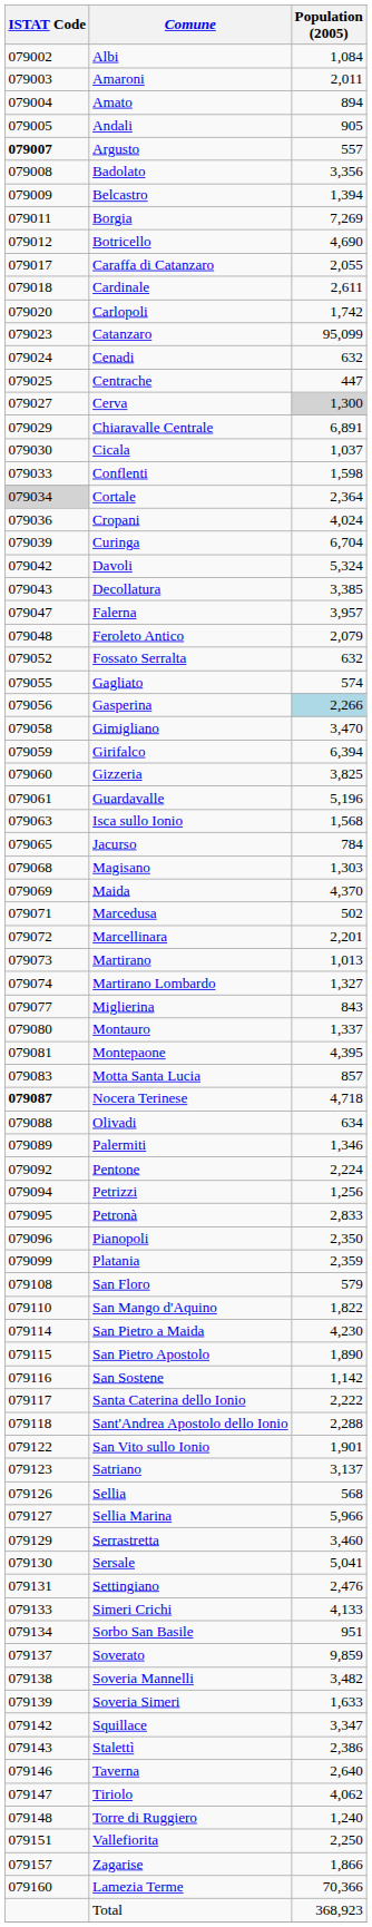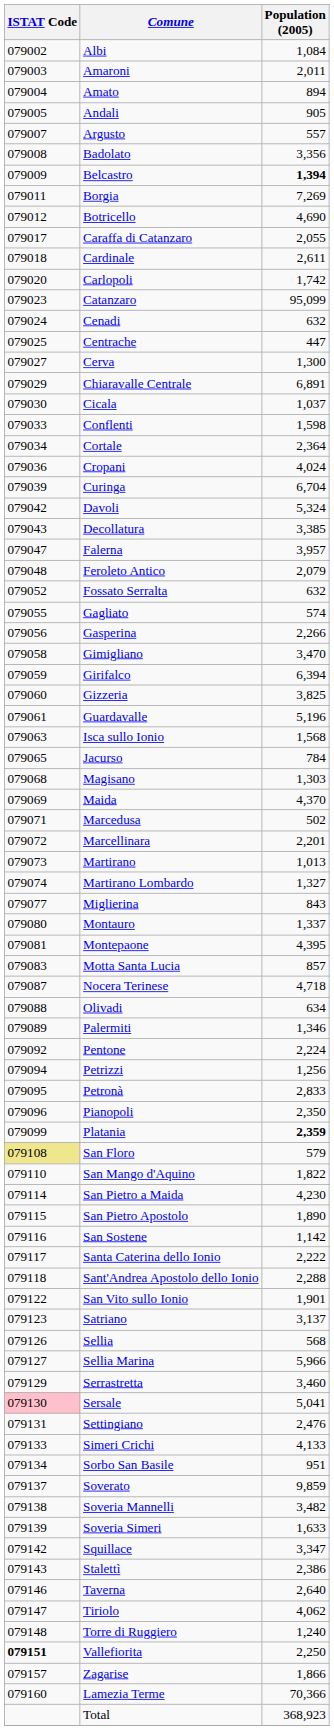 <table class="wikitable sortable">
 <tr>
 <th><a href='#'>ISTAT</a> Code</th>
 <th><em><a href='#'>Comune</a></em></th>
 <th>Population <br>(2005)</th>
 </tr>
 <tr>
 <td>079002</td>
 <td><a href='#'>Albi</a></td>
 <td align="right">1,084</td>
 </tr>
 <tr>
 <td>079003</td>
 <td><a href='#'>Amaroni</a></td>
 <td align="right">2,011</td>
 </tr>
 <tr>
 <td>079004</td>
 <td><a href='#'>Amato</a></td>
 <td align="right">894</td>
 </tr>
 <tr>
 <td>079005</td>
 <td><a href='#'>Andali</a></td>
 <td align="right">905</td>
 </tr>
 <tr>
-<td><strong>079007</strong></td>
+<td>079007</td>
 <td><a href='#'>Argusto</a></td>
 <td align="right">557</td>
 </tr>
 <tr>
 <td>079008</td>
 <td><a href='#'>Badolato</a></td>
 <td align="right">3,356</td>
 </tr>
 <tr>
 <td>079009</td>
 <td><a href='#'>Belcastro</a></td>
-<td align="right">1,394</td>
+<td align="right"><strong>1,394</strong></td>
 </tr>
 <tr>
 <td>079011</td>
 <td><a href='#'>Borgia</a></td>
 <td align="right">7,269</td>
 </tr>
 <tr>
 <td>079012</td>
 <td><a href='#'>Botricello</a></td>
 <td align="right">4,690</td>
 </tr>
 <tr>
 <td>079017</td>
 <td><a href='#'>Caraffa di Catanzaro</a></td>
 <td align="right">2,055</td>
 </tr>
 <tr>
 <td>079018</td>
 <td><a href='#'>Cardinale</a></td>
 <td align="right">2,611</td>
 </tr>
 <tr>
 <td>079020</td>
 <td><a href='#'>Carlopoli</a></td>
 <td align="right">1,742</td>
 </tr>
 <tr>
 <td>079023</td>
 <td><a href='#'>Catanzaro</a></td>
 <td align="right">95,099</td>
 </tr>
 <tr>
 <td>079024</td>
 <td><a href='#'>Cenadi</a></td>
 <td align="right">632</td>
 </tr>
 <tr>
 <td>079025</td>
 <td><a href='#'>Centrache</a></td>
 <td align="right">447</td>
 </tr>
 <tr>
 <td>079027</td>
 <td><a href='#'>Cerva</a></td>
-<td align="right" style="background: lightgrey;">1,300</td>
+<td align="right">1,300</td>
 </tr>
 <tr>
 <td>079029</td>
 <td><a href='#'>Chiaravalle Centrale</a></td>
 <td align="right">6,891</td>
 </tr>
 <tr>
 <td>079030</td>
 <td><a href='#'>Cicala</a></td>
 <td align="right">1,037</td>
 </tr>
 <tr>
 <td>079033</td>
 <td><a href='#'>Conflenti</a></td>
 <td align="right">1,598</td>
 </tr>
 <tr>
-<td style="background: lightgrey;">079034</td>
+<td>079034</td>
 <td><a href='#'>Cortale</a></td>
 <td align="right">2,364</td>
 </tr>
 <tr>
 <td>079036</td>
 <td><a href='#'>Cropani</a></td>
 <td align="right">4,024</td>
 </tr>
 <tr>
 <td>079039</td>
 <td><a href='#'>Curinga</a></td>
 <td align="right">6,704</td>
 </tr>
 <tr>
 <td>079042</td>
 <td><a href='#'>Davoli</a></td>
 <td align="right">5,324</td>
 </tr>
 <tr>
 <td>079043</td>
 <td><a href='#'>Decollatura</a></td>
 <td align="right">3,385</td>
 </tr>
 <tr>
 <td>079047</td>
 <td><a href='#'>Falerna</a></td>
 <td align="right">3,957</td>
 </tr>
 <tr>
 <td>079048</td>
 <td><a href='#'>Feroleto Antico</a></td>
 <td align="right">2,079</td>
 </tr>
 <tr>
 <td>079052</td>
 <td><a href='#'>Fossato Serralta</a></td>
 <td align="right">632</td>
 </tr>
 <tr>
 <td>079055</td>
 <td><a href='#'>Gagliato</a></td>
 <td align="right">574</td>
 </tr>
 <tr>
 <td>079056</td>
 <td><a href='#'>Gasperina</a></td>
-<td align="right" style="background: lightblue;">2,266</td>
+<td align="right">2,266</td>
 </tr>
 <tr>
 <td>079058</td>
 <td><a href='#'>Gimigliano</a></td>
 <td align="right">3,470</td>
 </tr>
 <tr>
 <td>079059</td>
 <td><a href='#'>Girifalco</a></td>
 <td align="right">6,394</td>
 </tr>
 <tr>
 <td>079060</td>
 <td><a href='#'>Gizzeria</a></td>
 <td align="right">3,825</td>
 </tr>
 <tr>
 <td>079061</td>
 <td><a href='#'>Guardavalle</a></td>
 <td align="right">5,196</td>
 </tr>
 <tr>
 <td>079063</td>
 <td><a href='#'>Isca sullo Ionio</a></td>
 <td align="right">1,568</td>
 </tr>
 <tr>
 <td>079065</td>
 <td><a href='#'>Jacurso</a></td>
 <td align="right">784</td>
 </tr>
 <tr>
 <td>079068</td>
 <td><a href='#'>Magisano</a></td>
 <td align="right">1,303</td>
 </tr>
 <tr>
 <td>079069</td>
 <td><a href='#'>Maida</a></td>
 <td align="right">4,370</td>
 </tr>
 <tr>
 <td>079071</td>
 <td><a href='#'>Marcedusa</a></td>
 <td align="right">502</td>
 </tr>
 <tr>
 <td>079072</td>
 <td><a href='#'>Marcellinara</a></td>
 <td align="right">2,201</td>
 </tr>
 <tr>
 <td>079073</td>
 <td><a href='#'>Martirano</a></td>
 <td align="right">1,013</td>
 </tr>
 <tr>
 <td>079074</td>
 <td><a href='#'>Martirano Lombardo</a></td>
 <td align="right">1,327</td>
 </tr>
 <tr>
 <td>079077</td>
 <td><a href='#'>Miglierina</a></td>
 <td align="right">843</td>
 </tr>
 <tr>
 <td>079080</td>
 <td><a href='#'>Montauro</a></td>
 <td align="right">1,337</td>
 </tr>
 <tr>
 <td>079081</td>
 <td><a href='#'>Montepaone</a></td>
 <td align="right">4,395</td>
 </tr>
 <tr>
 <td>079083</td>
 <td><a href='#'>Motta Santa Lucia</a></td>
 <td align="right">857</td>
 </tr>
 <tr>
-<td><strong>079087</strong></td>
+<td>079087</td>
 <td><a href='#'>Nocera Terinese</a></td>
 <td align="right">4,718</td>
 </tr>
 <tr>
 <td>079088</td>
 <td><a href='#'>Olivadi</a></td>
 <td align="right">634</td>
 </tr>
 <tr>
 <td>079089</td>
 <td><a href='#'>Palermiti</a></td>
 <td align="right">1,346</td>
 </tr>
 <tr>
 <td>079092</td>
 <td><a href='#'>Pentone</a></td>
 <td align="right">2,224</td>
 </tr>
 <tr>
 <td>079094</td>
 <td><a href='#'>Petrizzi</a></td>
 <td align="right">1,256</td>
 </tr>
 <tr>
 <td>079095</td>
 <td><a href='#'>Petronà</a></td>
 <td align="right">2,833</td>
 </tr>
 <tr>
 <td>079096</td>
 <td><a href='#'>Pianopoli</a></td>
 <td align="right">2,350</td>
 </tr>
 <tr>
 <td>079099</td>
 <td><a href='#'>Platania</a></td>
-<td align="right">2,359</td>
+<td align="right"><strong>2,359</strong></td>
 </tr>
 <tr>
-<td>079108</td>
+<td style="background: khaki;">079108</td>
 <td><a href='#'>San Floro</a></td>
 <td align="right">579</td>
 </tr>
 <tr>
 <td>079110</td>
 <td><a href='#'>San Mango d'Aquino</a></td>
 <td align="right">1,822</td>
 </tr>
 <tr>
 <td>079114</td>
 <td><a href='#'>San Pietro a Maida</a></td>
 <td align="right">4,230</td>
 </tr>
 <tr>
 <td>079115</td>
 <td><a href='#'>San Pietro Apostolo</a></td>
 <td align="right">1,890</td>
 </tr>
 <tr>
 <td>079116</td>
 <td><a href='#'>San Sostene</a></td>
 <td align="right">1,142</td>
 </tr>
 <tr>
 <td>079117</td>
 <td><a href='#'>Santa Caterina dello Ionio</a></td>
 <td align="right">2,222</td>
 </tr>
 <tr>
 <td>079118</td>
 <td><a href='#'>Sant'Andrea Apostolo dello Ionio</a></td>
 <td align="right">2,288</td>
 </tr>
 <tr>
 <td>079122</td>
 <td><a href='#'>San Vito sullo Ionio</a></td>
 <td align="right">1,901</td>
 </tr>
 <tr>
 <td>079123</td>
 <td><a href='#'>Satriano</a></td>
 <td align="right">3,137</td>
 </tr>
 <tr>
 <td>079126</td>
 <td><a href='#'>Sellia</a></td>
 <td align="right">568</td>
 </tr>
 <tr>
 <td>079127</td>
 <td><a href='#'>Sellia Marina</a></td>
 <td align="right">5,966</td>
 </tr>
 <tr>
 <td>079129</td>
 <td><a href='#'>Serrastretta</a></td>
 <td align="right">3,460</td>
 </tr>
 <tr>
-<td>079130</td>
+<td style="background: pink;">079130</td>
 <td><a href='#'>Sersale</a></td>
 <td align="right">5,041</td>
 </tr>
 <tr>
 <td>079131</td>
 <td><a href='#'>Settingiano</a></td>
 <td align="right">2,476</td>
 </tr>
 <tr>
 <td>079133</td>
 <td><a href='#'>Simeri Crichi</a></td>
 <td align="right">4,133</td>
 </tr>
 <tr>
 <td>079134</td>
 <td><a href='#'>Sorbo San Basile</a></td>
 <td align="right">951</td>
 </tr>
 <tr>
 <td>079137</td>
 <td><a href='#'>Soverato</a></td>
 <td align="right">9,859</td>
 </tr>
 <tr>
 <td>079138</td>
 <td><a href='#'>Soveria Mannelli</a></td>
 <td align="right">3,482</td>
 </tr>
 <tr>
 <td>079139</td>
 <td><a href='#'>Soveria Simeri</a></td>
 <td align="right">1,633</td>
 </tr>
 <tr>
 <td>079142</td>
 <td><a href='#'>Squillace</a></td>
 <td align="right">3,347</td>
 </tr>
 <tr>
 <td>079143</td>
 <td><a href='#'>Stalettì</a></td>
 <td align="right">2,386</td>
 </tr>
 <tr>
 <td>079146</td>
 <td><a href='#'>Taverna</a></td>
 <td align="right">2,640</td>
 </tr>
 <tr>
 <td>079147</td>
 <td><a href='#'>Tiriolo</a></td>
 <td align="right">4,062</td>
 </tr>
 <tr>
 <td>079148</td>
 <td><a href='#'>Torre di Ruggiero</a></td>
 <td align="right">1,240</td>
 </tr>
 <tr>
-<td>079151</td>
+<td><strong>079151</strong></td>
 <td><a href='#'>Vallefiorita</a></td>
 <td align="right">2,250</td>
 </tr>
 <tr>
 <td>079157</td>
 <td><a href='#'>Zagarise</a></td>
 <td align="right">1,866</td>
 </tr>
 <tr>
 <td>079160</td>
 <td><a href='#'>Lamezia Terme</a></td>
 <td align="right">70,366</td>
 </tr>
 <tr>
 <td></td>
 <td>Total</td>
 <td align="right">368,923</td>
 </tr>
 <tr>
 </tr>
 </table>
